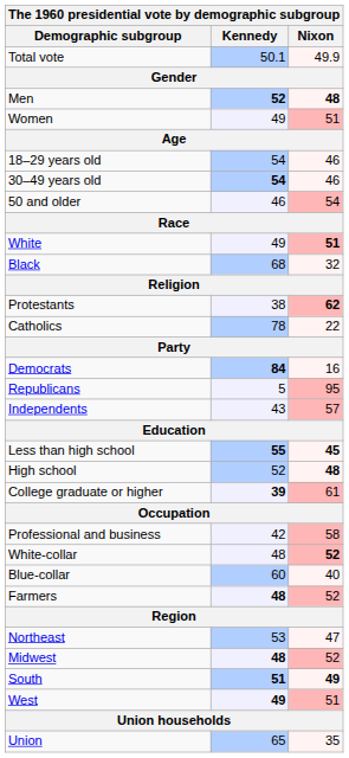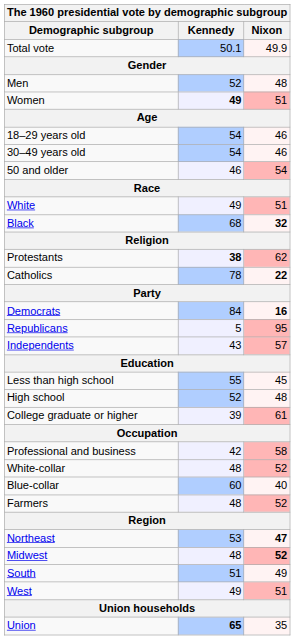 <table class="wikitable sortable">
 <tr>
 <th colspan="7">The 1960 presidential vote by demographic subgroup</th>
 </tr>
 <tr>
 <th>Demographic subgroup</th>
 <th>Kennedy</th>
 <th>Nixon</th>
 </tr>
 <tr>
 <td>Total vote</td>
 <td style="text-align:right; background:#b0ceff;">50.1</td>
 <td style="text-align:right; background:#fff3f3;">49.9</td>
 </tr>
 <tr>
 <th colspan=4>Gender</th>
 </tr>
 <tr>
 <td>Men</td>
-<td style="text-align:right; background:#b0ceff;"><strong>52</strong></td>
-<td style="text-align:right; background:#fff3f3;"><strong>48</strong></td>
+<td style="text-align:right; background:#b0ceff;">52</td>
+<td style="text-align:right; background:#fff3f3;">48</td>
 </tr>
 <tr>
 <td>Women</td>
-<td style="text-align:right; background:#f0f0ff;">49</td>
+<td style="text-align:right; background:#f0f0ff;"><strong>49</strong></td>
 <td style="text-align:right; background:#ffb6b6;">51</td>
 </tr>
 <tr>
 <th colspan=4>Age</th>
 </tr>
 <tr>
 <td>18–29 years old</td>
 <td style="text-align:right; background:#b0ceff;">54</td>
 <td style="text-align:right; background:#fff3f3;">46</td>
 </tr>
 <tr>
 <td>30–49 years old</td>
-<td style="text-align:right; background:#b0ceff;"><strong>54</strong></td>
+<td style="text-align:right; background:#b0ceff;">54</td>
 <td style="text-align:right; background:#fff3f3;">46</td>
 </tr>
 <tr>
 <td>50 and older</td>
 <td style="text-align:right; background:#f0f0ff;">46</td>
 <td style="text-align:right; background:#ffb6b6;">54</td>
 </tr>
 <tr>
 <th colspan=4>Race</th>
 </tr>
 <tr>
 <td><a href='#'>White</a></td>
 <td style="text-align:right; background:#f0f0ff;">49</td>
-<td style="text-align:right; background:#ffb6b6;"><strong>51</strong></td>
+<td style="text-align:right; background:#ffb6b6;">51</td>
 </tr>
 <tr>
 <td><a href='#'>Black</a></td>
 <td style="text-align:right; background:#b0ceff;">68</td>
-<td style="text-align:right; background:#fff3f3;">32</td>
+<td style="text-align:right; background:#fff3f3;"><strong>32</strong></td>
 </tr>
 <tr>
 <th colspan=4>Religion</th>
 </tr>
 <tr>
 <td>Protestants</td>
-<td style="text-align:right; background:#f0f0ff;">38</td>
-<td style="text-align:right; background:#ffb6b6;"><strong>62</strong></td>
+<td style="text-align:right; background:#f0f0ff;"><strong>38</strong></td>
+<td style="text-align:right; background:#ffb6b6;">62</td>
 </tr>
 <tr>
 <td>Catholics</td>
 <td style="text-align:right; background:#b0ceff;">78</td>
-<td style="text-align:right; background:#fff3f3;">22</td>
+<td style="text-align:right; background:#fff3f3;"><strong>22</strong></td>
 </tr>
 <tr>
 <th colspan=4>Party</th>
 </tr>
 <tr>
 <td><a href='#'>Democrats</a></td>
-<td style="text-align:right; background:#b0ceff;"><strong>84</strong></td>
-<td style="text-align:right; background:#fff3f3;">16</td>
+<td style="text-align:right; background:#b0ceff;">84</td>
+<td style="text-align:right; background:#fff3f3;"><strong>16</strong></td>
 </tr>
 <tr>
 <td><a href='#'>Republicans</a></td>
 <td style="text-align:right; background:#f0f0ff;">5</td>
 <td style="text-align:right; background:#ffb6b6;">95</td>
 </tr>
 <tr>
 <td><a href='#'>Independents</a></td>
 <td style="text-align:right; background:#f0f0ff;">43</td>
 <td style="text-align:right; background:#ffb6b6;">57</td>
 </tr>
 <tr>
 <th colspan=4>Education</th>
 </tr>
 <tr>
 <td>Less than high school</td>
-<td style="text-align:right; background:#b0ceff;"><strong>55</strong></td>
-<td style="text-align:right; background:#fff3f3;"><strong>45</strong></td>
+<td style="text-align:right; background:#b0ceff;">55</td>
+<td style="text-align:right; background:#fff3f3;">45</td>
 </tr>
 <tr>
 <td>High school</td>
 <td style="text-align:right; background:#b0ceff;">52</td>
-<td style="text-align:right; background:#fff3f3;"><strong>48</strong></td>
+<td style="text-align:right; background:#fff3f3;">48</td>
 </tr>
 <tr>
 <td>College graduate or higher</td>
-<td style="text-align:right; background:#f0f0ff;"><strong>39</strong></td>
+<td style="text-align:right; background:#f0f0ff;">39</td>
 <td style="text-align:right; background:#ffb6b6;">61</td>
 </tr>
 <tr>
 <th colspan=4>Occupation</th>
 </tr>
 <tr>
 <td>Professional and business</td>
 <td style="text-align:right; background:#f0f0ff;">42</td>
 <td style="text-align:right; background:#ffb6b6;">58</td>
 </tr>
 <tr>
 <td>White-collar</td>
 <td style="text-align:right; background:#f0f0ff;">48</td>
-<td style="text-align:right; background:#ffb6b6;"><strong>52</strong></td>
+<td style="text-align:right; background:#ffb6b6;">52</td>
 </tr>
 <tr>
 <td>Blue-collar</td>
 <td style="text-align:right; background:#b0ceff;">60</td>
 <td style="text-align:right; background:#fff3f3;">40</td>
 </tr>
 <tr>
 <td>Farmers</td>
-<td style="text-align:right; background:#f0f0ff;"><strong>48</strong></td>
+<td style="text-align:right; background:#f0f0ff;">48</td>
 <td style="text-align:right; background:#ffb6b6;">52</td>
 </tr>
 <tr>
 <th colspan=4>Region</th>
 </tr>
 <tr>
 <td><a href='#'>Northeast</a></td>
 <td style="text-align:right; background:#b0ceff;">53</td>
-<td style="text-align:right; background:#fff3f3;">47</td>
+<td style="text-align:right; background:#fff3f3;"><strong>47</strong></td>
 </tr>
 <tr>
 <td><a href='#'>Midwest</a></td>
-<td style="text-align:right; background:#f0f0ff;"><strong>48</strong></td>
-<td style="text-align:right; background:#ffb6b6;">52</td>
+<td style="text-align:right; background:#f0f0ff;">48</td>
+<td style="text-align:right; background:#ffb6b6;"><strong>52</strong></td>
 </tr>
 <tr>
 <td><a href='#'>South</a></td>
-<td style="text-align:right; background:#b0ceff;"><strong>51</strong></td>
-<td style="text-align:right; background:#fff3f3;"><strong>49</strong></td>
+<td style="text-align:right; background:#b0ceff;">51</td>
+<td style="text-align:right; background:#fff3f3;">49</td>
 </tr>
 <tr>
 <td><a href='#'>West</a></td>
-<td style="text-align:right; background:#f0f0ff;"><strong>49</strong></td>
+<td style="text-align:right; background:#f0f0ff;">49</td>
 <td style="text-align:right; background:#ffb6b6;">51</td>
 </tr>
 <tr>
 <th colspan=4>Union households</th>
 </tr>
 <tr>
 <td><a href='#'>Union</a></td>
-<td style="text-align:right; background:#b0ceff;">65</td>
+<td style="text-align:right; background:#b0ceff;"><strong>65</strong></td>
 <td style="text-align:right; background:#fff3f3;">35</td>
 </tr>
 </table>
